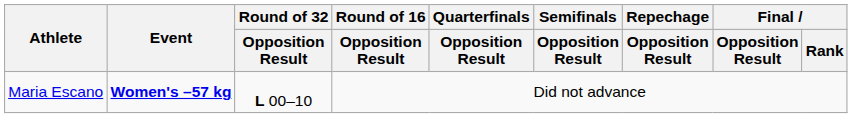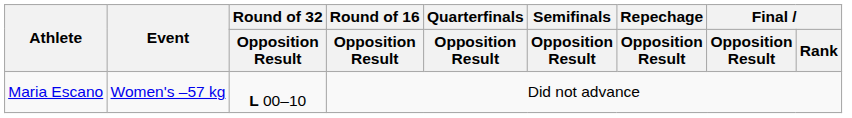 <table class=wikitable style=font-size:90%>
 <tr>
 <th rowspan=2>Athlete</th>
 <th rowspan=2>Event</th>
 <th>Round of 32</th>
 <th>Round of 16</th>
 <th>Quarterfinals</th>
 <th>Semifinals</th>
 <th>Repechage</th>
 <th colspan=2>Final / </th>
 </tr>
 <tr style="ont-size:95%">
 <th>Opposition<br>Result</th>
 <th>Opposition<br>Result</th>
 <th>Opposition<br>Result</th>
 <th>Opposition<br>Result</th>
 <th>Opposition<br>Result</th>
 <th>Opposition<br>Result</th>
 <th>Rank</th>
 </tr>
 <tr align=center>
 <td align=left><a href='#'>Maria Escano</a></td>
-<td align=left><strong><a href='#'>Women's –57 kg</a></strong></td>
+<td align=left><a href='#'>Women's –57 kg</a></td>
 <td><br><strong>L</strong> 00–10</td>
 <td colspan="6">Did not advance</td>
 </tr>
 </table>
